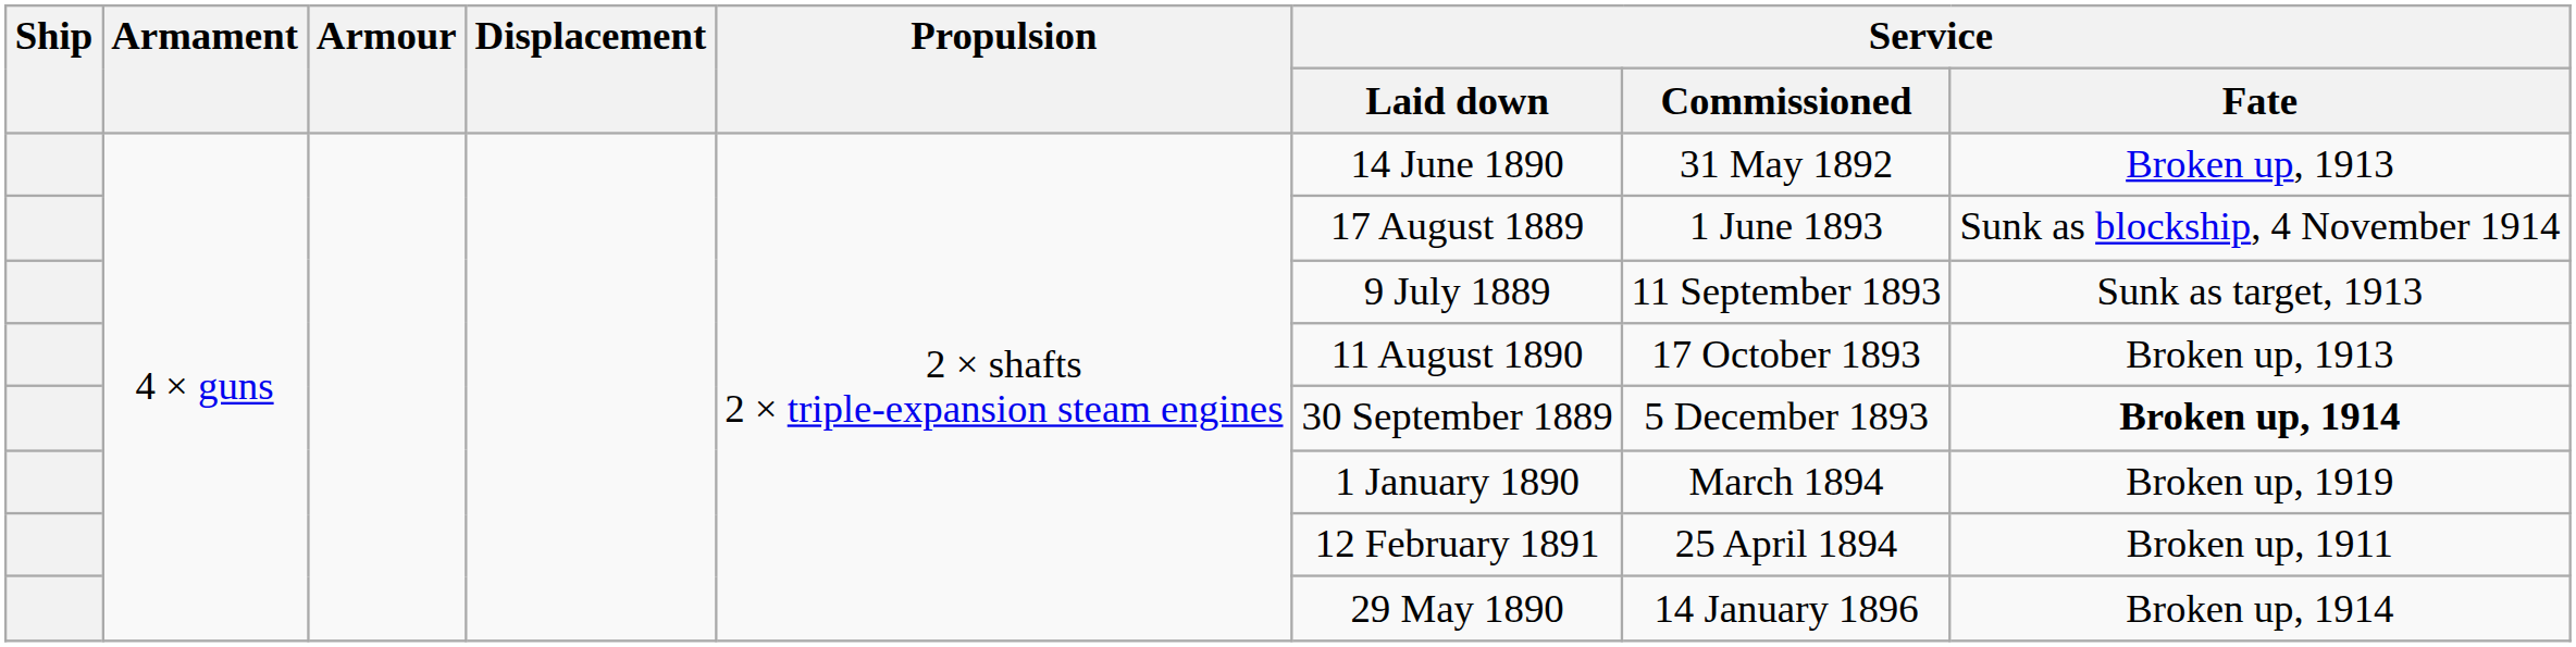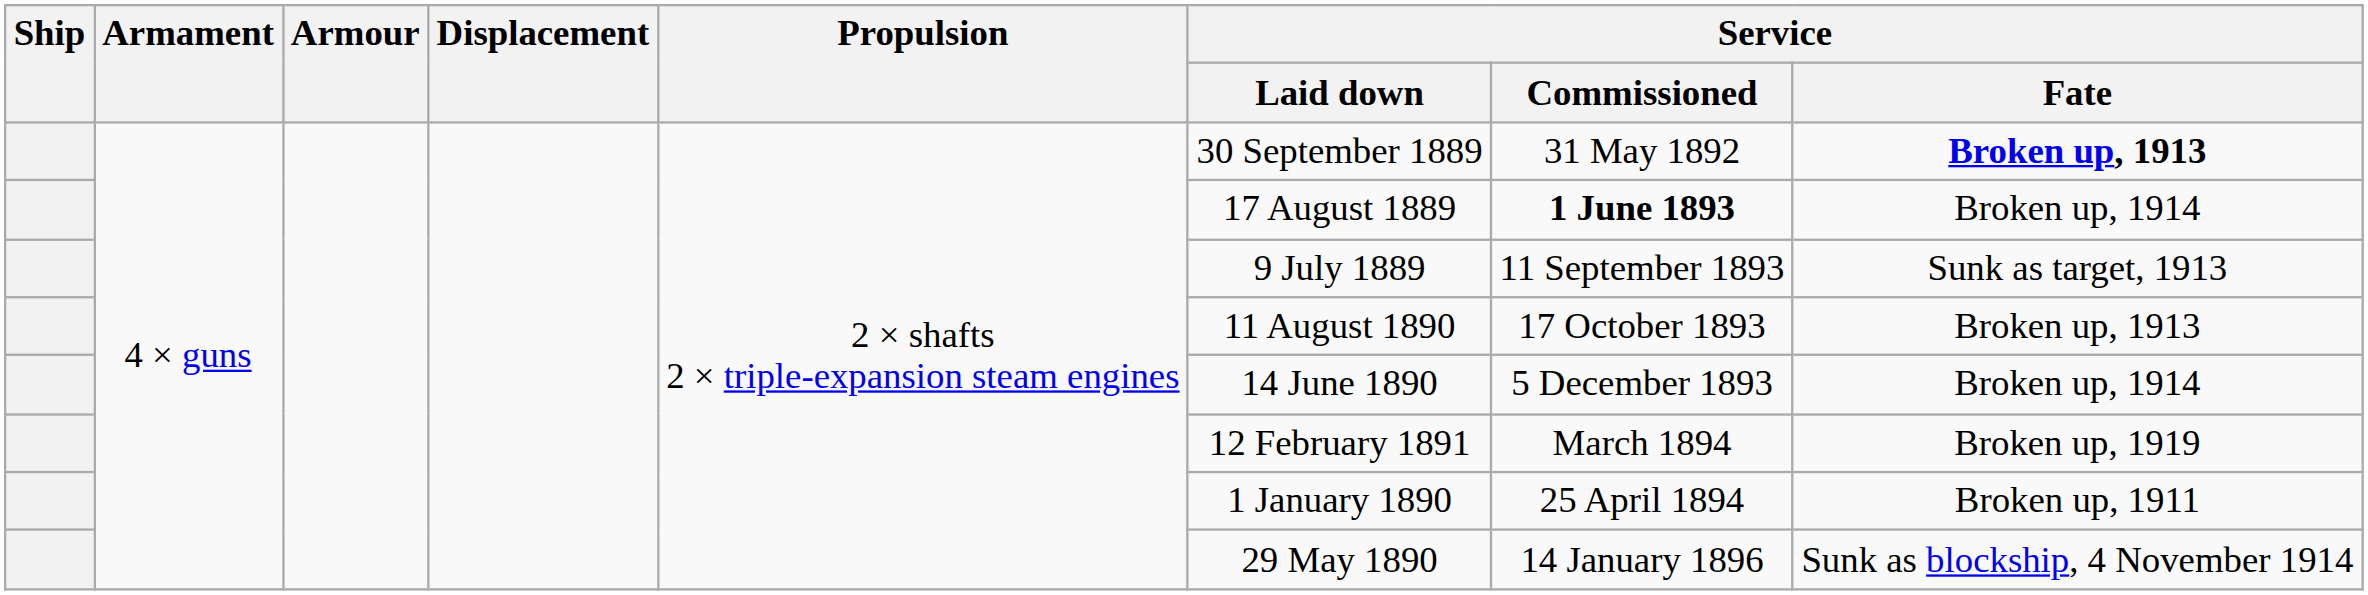 <table class="wikitable plainrowheaders" style="text-align: center;">
 <tr valign="top">
 <th scope="col" rowspan="2">Ship</th>
 <th scope="col" rowspan="2">Armament</th>
 <th scope="col" rowspan="2">Armour</th>
 <th scope="col" rowspan="2">Displacement</th>
 <th scope="col" rowspan="2">Propulsion</th>
 <th scope="col" colspan="3">Service</th>
 </tr>
 <tr valign="top">
 <th scope="col">Laid down</th>
 <th scope="col">Commissioned</th>
 <th scope="col">Fate</th>
 </tr>
 <tr valign="center">
 <th scope="row"></th>
 <td rowspan="8">4 × <a href='#'> guns</a></td>
 <td rowspan="8"></td>
 <td rowspan="8"></td>
 <td rowspan="8">2 × shafts<br>2 × <a href='#'>triple-expansion steam engines</a><br></td>
-<td>14 June 1890</td>
+<td>30 September 1889</td>
 <td>31 May 1892</td>
-<td><a href='#'>Broken up</a>, 1913</td>
+<td><strong><a href='#'>Broken up</a>, 1913</strong></td>
 </tr>
 <tr>
 <th scope="row"></th>
 <td>17 August 1889</td>
-<td>1 June 1893</td>
-<td>Sunk as <a href='#'>blockship</a>, 4 November 1914</td>
+<td><strong>1 June 1893</strong></td>
+<td>Broken up, 1914</td>
 </tr>
 <tr>
 <th scope="row"></th>
 <td>9 July 1889</td>
 <td>11 September 1893</td>
 <td>Sunk as target, 1913</td>
 </tr>
 <tr>
 <th scope="row"></th>
 <td>11 August 1890</td>
 <td>17 October 1893</td>
 <td>Broken up, 1913</td>
 </tr>
 <tr>
 <th scope="row"></th>
-<td>30 September 1889</td>
+<td>14 June 1890</td>
 <td>5 December 1893</td>
-<td><strong>Broken up, 1914</strong></td>
+<td>Broken up, 1914</td>
 </tr>
 <tr>
 <th scope="row"></th>
-<td>1 January 1890</td>
+<td>12 February 1891</td>
 <td>March 1894</td>
 <td>Broken up, 1919</td>
 </tr>
 <tr>
 <th scope="row"></th>
-<td>12 February 1891</td>
+<td>1 January 1890</td>
 <td>25 April 1894</td>
 <td>Broken up, 1911</td>
 </tr>
 <tr>
 <th scope="row"></th>
 <td>29 May 1890</td>
 <td>14 January 1896</td>
-<td>Broken up, 1914</td>
+<td>Sunk as <a href='#'>blockship</a>, 4 November 1914</td>
 </tr>
 </table>
